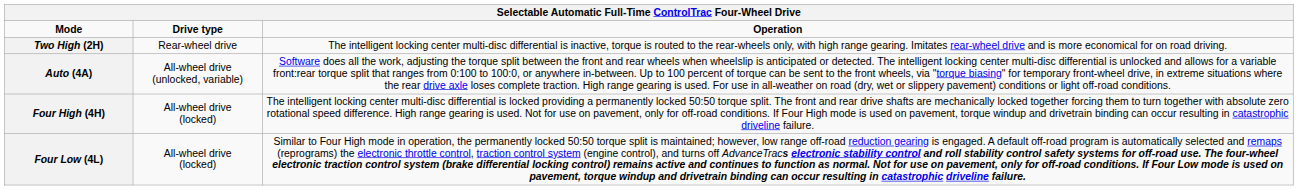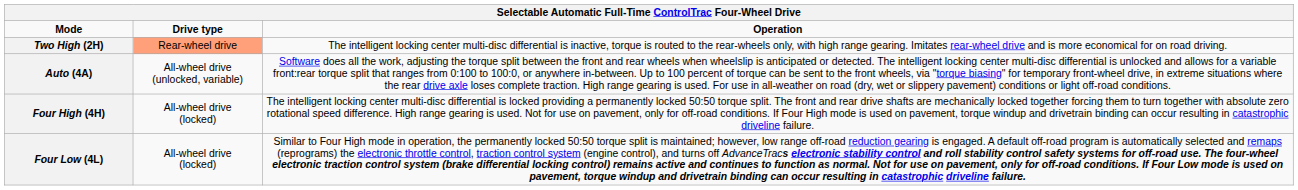 <table class="wikitable" style="margin: 1em auto 1em auto; text-align:center;">
 <tr>
 <th colspan=3>Selectable Automatic Full-Time <a href='#'>ControlTrac</a> Four-Wheel Drive</th>
 </tr>
 <tr>
 <td style="width:10%;"><strong>Mode</strong></td>
 <td style="width:10%;"><strong>Drive type</strong></td>
 <td><strong>Operation</strong></td>
 </tr>
 <tr>
 <th><em>Two High</em> (2H)</th>
-<td>Rear-wheel drive</td>
+<td style="background: lightsalmon;">Rear-wheel drive</td>
 <td>The intelligent locking center multi-disc differential is inactive, torque is routed to the rear-wheels only, with high range gearing. Imitates <a href='#'>rear-wheel drive</a> and is more economical for on road driving.</td>
 </tr>
 <tr>
 <th><em>Auto</em> (4A)</th>
 <td>All-wheel drive<br>(unlocked, variable)</td>
 <td><a href='#'>Software</a> does all the work, adjusting the torque split between the front and rear wheels when wheelslip is anticipated or detected. The intelligent locking center multi-disc differential is unlocked and allows for a variable front:rear torque split that ranges from 0:100 to 100:0, or anywhere in-between. Up to 100 percent of torque can be sent to the front wheels, via "<a href='#'>torque biasing</a>" for temporary front-wheel drive, in extreme situations where the rear <a href='#'>drive axle</a> loses complete traction. High range gearing is used. For use in all-weather on road (dry, wet or slippery pavement) conditions or light off-road conditions.</td>
 </tr>
 <tr>
 <th><em>Four High</em> (4H)</th>
 <td>All-wheel drive<br>(locked)</td>
 <td>The intelligent locking center multi-disc differential is locked providing a permanently locked 50:50 torque split. The front and rear drive shafts are mechanically locked together forcing them to turn together with absolute zero rotational speed difference. High range gearing is used. Not for use on pavement, only for off-road conditions. If Four High mode is used on pavement, torque windup and drivetrain binding can occur resulting in <a href='#'>catastrophic</a> <a href='#'>driveline</a> failure.</td>
 </tr>
 <tr>
 <th><em>Four Low</em> (4L)</th>
 <td>All-wheel drive<br>(locked)</td>
 <td>Similar to Four High mode in operation, the permanently locked 50:50 torque split is maintained; however, low range off-road <a href='#'>reduction gearing</a> is engaged. A default off-road program is automatically selected and <a href='#'>remaps</a> (reprograms) the <a href='#'>electronic throttle control</a>, <a href='#'>traction control system</a> (engine control), and turns off <em>AdvanceTrac<strong>s <a href='#'>electronic stability control</a> and roll stability control safety systems for off-road use. The four-wheel electronic traction control system (brake differential locking control) remains active and continues to function as normal. Not for use on pavement, only for off-road conditions. If Four Low mode is used on pavement, torque windup and drivetrain binding can occur resulting in <a href='#'>catastrophic</a> <a href='#'>driveline</a> failure.</td>
 </tr>
 </table>
